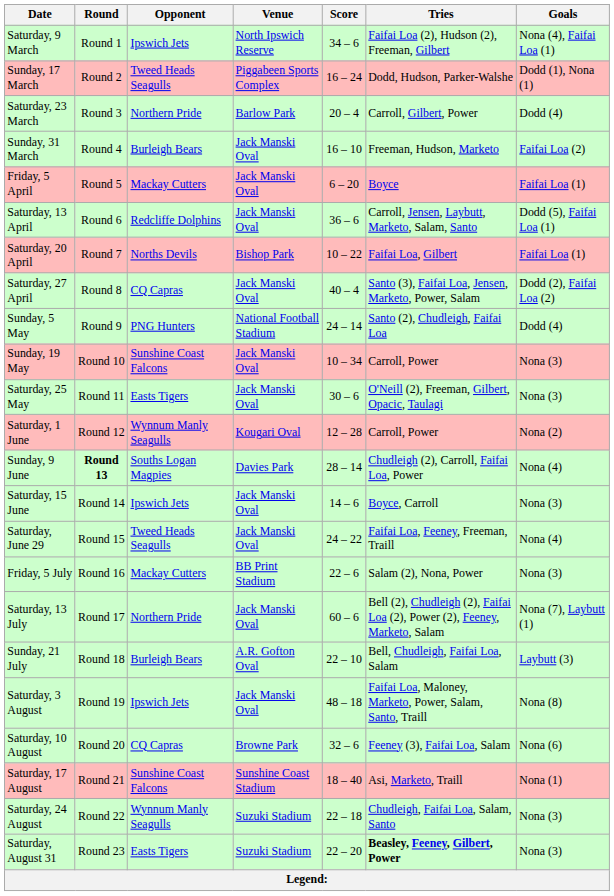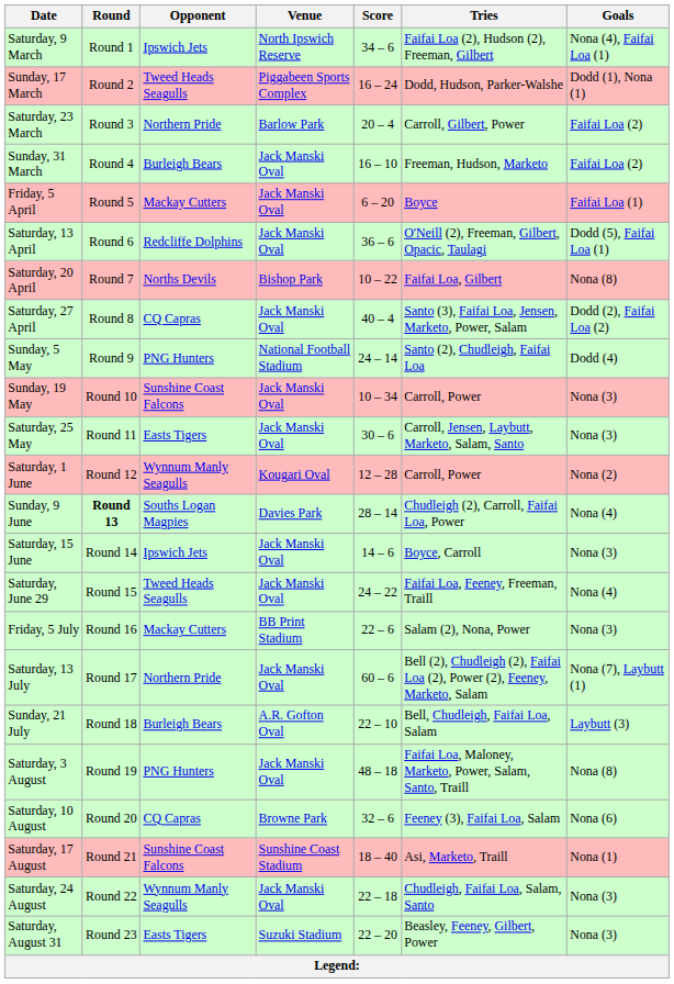 <table class="wikitable" style="font-size:75%;">
 <tr>
 <th style="width:95px;">Date</th>
 <th style="width:65px;">Round</th>
 <th style="width:170px;">Opponent</th>
 <th style="width:135px;">Venue</th>
 <th style="width:50px;">Score</th>
 <th style="width:280px;">Tries</th>
 <th style="width:160px;">Goals</th>
 </tr>
 <tr style="background:#cfc;">
 <td>Saturday, 9 March</td>
 <td style="text-align:center;">Round 1</td>
 <td> <a href='#'>Ipswich Jets</a></td>
 <td><a href='#'>North Ipswich Reserve</a></td>
 <td style="text-align:center;">34 – 6</td>
 <td><a href='#'>Faifai Loa</a> (2), Hudson (2), Freeman, <a href='#'>Gilbert</a></td>
 <td>Nona (4), <a href='#'>Faifai Loa</a> (1)</td>
 </tr>
 <tr style="background:#FFBBBB">
 <td>Sunday, 17 March</td>
 <td style="text-align:center;">Round 2</td>
 <td> <a href='#'>Tweed Heads Seagulls</a></td>
 <td><a href='#'>Piggabeen Sports Complex</a></td>
 <td style="text-align:center;">16 – 24</td>
 <td>Dodd, Hudson, Parker-Walshe</td>
 <td>Dodd (1), Nona (1)</td>
 </tr>
 <tr style="background:#cfc;">
 <td>Saturday, 23 March</td>
 <td style="text-align:center;">Round 3</td>
 <td> <a href='#'>Northern Pride</a></td>
 <td><a href='#'>Barlow Park</a></td>
 <td style="text-align:center;">20 – 4</td>
 <td>Carroll, <a href='#'>Gilbert</a>, Power</td>
-<td>Dodd (4)</td>
+<td><a href='#'>Faifai Loa</a> (2)</td>
 </tr>
 <tr style="background:#cfc;">
 <td>Sunday, 31 March</td>
 <td style="text-align:center;">Round 4</td>
 <td> <a href='#'>Burleigh Bears</a></td>
 <td><a href='#'>Jack Manski Oval</a></td>
 <td style="text-align:center;">16 – 10</td>
 <td>Freeman, Hudson, <a href='#'>Marketo</a></td>
 <td><a href='#'>Faifai Loa</a> (2)</td>
 </tr>
 <tr style="background:#FFBBBB">
 <td>Friday, 5 April</td>
 <td style="text-align:center;">Round 5</td>
 <td> <a href='#'>Mackay Cutters</a></td>
 <td><a href='#'>Jack Manski Oval</a></td>
 <td style="text-align:center;">6 – 20</td>
 <td><a href='#'>Boyce</a></td>
 <td><a href='#'>Faifai Loa</a> (1)</td>
 </tr>
 <tr style="background:#cfc;">
 <td>Saturday, 13 April</td>
 <td style="text-align:center;">Round 6</td>
 <td> <a href='#'>Redcliffe Dolphins</a></td>
 <td><a href='#'>Jack Manski Oval</a></td>
 <td style="text-align:center;">36 – 6</td>
-<td>Carroll, <a href='#'>Jensen</a>, <a href='#'>Laybutt</a>, <a href='#'>Marketo</a>, Salam, <a href='#'>Santo</a></td>
+<td><a href='#'>O'Neill</a> (2), Freeman, <a href='#'>Gilbert</a>, <a href='#'>Opacic</a>, <a href='#'>Taulagi</a></td>
 <td>Dodd (5), <a href='#'>Faifai Loa</a> (1)</td>
 </tr>
 <tr style="background:#FFBBBB">
 <td>Saturday, 20 April</td>
 <td style="text-align:center;">Round 7</td>
 <td> <a href='#'>Norths Devils</a></td>
 <td><a href='#'>Bishop Park</a></td>
 <td style="text-align:center;">10 – 22</td>
 <td><a href='#'>Faifai Loa</a>, <a href='#'>Gilbert</a></td>
-<td><a href='#'>Faifai Loa</a> (1)</td>
+<td>Nona (8)</td>
 </tr>
 <tr style="background:#cfc;">
 <td>Saturday, 27 April</td>
 <td style="text-align:center;">Round 8</td>
 <td> <a href='#'>CQ Capras</a></td>
 <td><a href='#'>Jack Manski Oval</a></td>
 <td style="text-align:center;">40 – 4</td>
 <td><a href='#'>Santo</a> (3), <a href='#'>Faifai Loa</a>, <a href='#'>Jensen</a>, <a href='#'>Marketo</a>, Power, Salam</td>
 <td>Dodd (2), <a href='#'>Faifai Loa</a> (2)</td>
 </tr>
 <tr style="background:#cfc;">
 <td>Sunday, 5 May</td>
 <td style="text-align:center;">Round 9</td>
 <td> <a href='#'>PNG Hunters</a></td>
 <td><a href='#'>National Football Stadium</a></td>
 <td style="text-align:center;">24 – 14</td>
 <td><a href='#'>Santo</a> (2), <a href='#'>Chudleigh</a>, <a href='#'>Faifai Loa</a></td>
 <td>Dodd (4)</td>
 </tr>
 <tr style="background:#FFBBBB">
 <td>Sunday, 19 May</td>
 <td style="text-align:center;">Round 10</td>
 <td> <a href='#'>Sunshine Coast Falcons</a></td>
 <td><a href='#'>Jack Manski Oval</a></td>
 <td style="text-align:center;">10 – 34</td>
 <td>Carroll, Power</td>
 <td>Nona (3)</td>
 </tr>
 <tr style="background:#cfc;">
 <td>Saturday, 25 May</td>
 <td style="text-align:center;">Round 11</td>
 <td> <a href='#'>Easts Tigers</a></td>
 <td><a href='#'>Jack Manski Oval</a></td>
 <td style="text-align:center;">30 – 6</td>
-<td><a href='#'>O'Neill</a> (2), Freeman, <a href='#'>Gilbert</a>, <a href='#'>Opacic</a>, <a href='#'>Taulagi</a></td>
+<td>Carroll, <a href='#'>Jensen</a>, <a href='#'>Laybutt</a>, <a href='#'>Marketo</a>, Salam, <a href='#'>Santo</a></td>
 <td>Nona (3)</td>
 </tr>
 <tr style="background:#FFBBBB">
 <td>Saturday, 1 June</td>
 <td style="text-align:center;">Round 12</td>
 <td> <a href='#'>Wynnum Manly Seagulls</a></td>
 <td><a href='#'>Kougari Oval</a></td>
 <td style="text-align:center;">12 – 28</td>
 <td>Carroll, Power</td>
 <td>Nona (2)</td>
 </tr>
 <tr style="background:#cfc;">
 <td>Sunday, 9 June</td>
 <td style="text-align:center;"><strong>Round 13</strong></td>
 <td> <a href='#'>Souths Logan Magpies</a></td>
 <td><a href='#'>Davies Park</a></td>
 <td style="text-align:center;">28 – 14</td>
 <td><a href='#'>Chudleigh</a> (2), Carroll, <a href='#'>Faifai Loa</a>, Power</td>
 <td>Nona (4)</td>
 </tr>
 <tr style="background:#cfc;">
 <td>Saturday, 15 June</td>
 <td style="text-align:center;">Round 14</td>
 <td> <a href='#'>Ipswich Jets</a></td>
 <td><a href='#'>Jack Manski Oval</a></td>
 <td style="text-align:center;">14 – 6</td>
 <td><a href='#'>Boyce</a>, Carroll</td>
 <td>Nona (3)</td>
 </tr>
 <tr style="background:#cfc;">
 <td>Saturday, June 29</td>
 <td style="text-align:center;">Round 15</td>
 <td> <a href='#'>Tweed Heads Seagulls</a></td>
 <td><a href='#'>Jack Manski Oval</a></td>
 <td style="text-align:center;">24 – 22</td>
 <td><a href='#'>Faifai Loa</a>, <a href='#'>Feeney</a>, Freeman, Traill</td>
 <td>Nona (4)</td>
 </tr>
 <tr style="background:#cfc;">
 <td>Friday, 5 July</td>
 <td style="text-align:center;">Round 16</td>
 <td> <a href='#'>Mackay Cutters</a></td>
 <td><a href='#'>BB Print Stadium</a></td>
 <td style="text-align:center;">22 – 6</td>
 <td>Salam (2), Nona, Power</td>
 <td>Nona (3)</td>
 </tr>
 <tr style="background:#cfc;">
 <td>Saturday, 13 July</td>
 <td style="text-align:center;">Round 17</td>
 <td> <a href='#'>Northern Pride</a></td>
 <td><a href='#'>Jack Manski Oval</a></td>
 <td style="text-align:center;">60 – 6</td>
 <td>Bell (2), <a href='#'>Chudleigh</a> (2), <a href='#'>Faifai Loa</a> (2), Power (2), <a href='#'>Feeney</a>, <a href='#'>Marketo</a>, Salam</td>
 <td>Nona (7), <a href='#'>Laybutt</a> (1)</td>
 </tr>
 <tr style="background:#cfc;">
 <td>Sunday, 21 July</td>
 <td style="text-align:center;">Round 18</td>
 <td> <a href='#'>Burleigh Bears</a></td>
 <td><a href='#'>A.R. Gofton Oval</a></td>
 <td style="text-align:center;">22 – 10</td>
 <td>Bell, <a href='#'>Chudleigh</a>, <a href='#'>Faifai Loa</a>, Salam</td>
 <td><a href='#'>Laybutt</a> (3)</td>
 </tr>
 <tr style="background:#cfc;">
 <td>Saturday, 3 August</td>
 <td style="text-align:center;">Round 19</td>
-<td> <a href='#'>Ipswich Jets</a></td>
+<td> <a href='#'>PNG Hunters</a></td>
 <td><a href='#'>Jack Manski Oval</a></td>
 <td style="text-align:center;">48 – 18</td>
 <td><a href='#'>Faifai Loa</a>, Maloney, <a href='#'>Marketo</a>, Power, Salam, <a href='#'>Santo</a>, Traill</td>
 <td>Nona (8)</td>
 </tr>
 <tr style="background:#cfc;">
 <td>Saturday, 10 August</td>
 <td style="text-align:center;">Round 20</td>
 <td> <a href='#'>CQ Capras</a></td>
 <td><a href='#'>Browne Park</a></td>
 <td style="text-align:center;">32 – 6</td>
 <td><a href='#'>Feeney</a> (3), <a href='#'>Faifai Loa</a>, Salam</td>
 <td>Nona (6)</td>
 </tr>
 <tr style="background:#FFBBBB">
 <td>Saturday, 17 August</td>
 <td style="text-align:center;">Round 21</td>
 <td> <a href='#'>Sunshine Coast Falcons</a></td>
 <td><a href='#'>Sunshine Coast Stadium</a></td>
 <td style="text-align:center;">18 – 40</td>
 <td>Asi, <a href='#'>Marketo</a>, Traill</td>
 <td>Nona (1)</td>
 </tr>
 <tr style="background:#cfc;">
 <td>Saturday, 24 August</td>
 <td style="text-align:center;">Round 22</td>
 <td> <a href='#'>Wynnum Manly Seagulls</a></td>
-<td><a href='#'>Suzuki Stadium</a></td>
+<td><a href='#'>Jack Manski Oval</a></td>
 <td style="text-align:center;">22 – 18</td>
 <td><a href='#'>Chudleigh</a>, <a href='#'>Faifai Loa</a>, Salam, <a href='#'>Santo</a></td>
 <td>Nona (3)</td>
 </tr>
 <tr style="background:#cfc;">
 <td>Saturday, August 31</td>
 <td style="text-align:center;">Round 23</td>
 <td> <a href='#'>Easts Tigers</a></td>
 <td><a href='#'>Suzuki Stadium</a></td>
 <td style="text-align:center;">22 – 20</td>
-<td><strong>Beasley, <a href='#'>Feeney</a>, <a href='#'>Gilbert</a>, Power</strong></td>
+<td>Beasley, <a href='#'>Feeney</a>, <a href='#'>Gilbert</a>, Power</td>
 <td>Nona (3)</td>
 </tr>
 <tr>
 <th colspan="11"><strong>Legend</strong>:    </th>
 </tr>
 </table>
